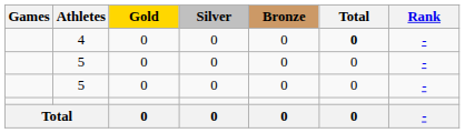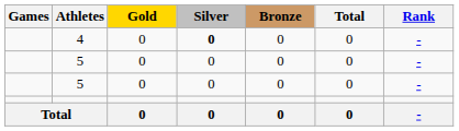 <table class="wikitable sortable" style="text-align:center; font-size:90%;">
 <tr>
 <th>Games</th>
 <th>Athletes</th>
 <th style="background:gold; width:4.5em; font-weight:bold;">Gold</th>
 <th style="background:silver; width:4.5em; font-weight:bold;">Silver</th>
 <th style="background:#cc9966; width:4.5em; font-weight:bold;">Bronze</th>
 <th style="width:4.5em; font-weight:bold;">Total</th>
 <th style="width:4.5em; font-weight:bold;"><a href='#'>Rank</a></th>
 </tr>
 <tr>
 <td align=left></td>
 <td>4</td>
 <td>0</td>
+<td><strong>0</strong></td>
 <td>0</td>
 <td>0</td>
-<td><strong>0</strong></td>
 <td><a href='#'>-</a></td>
 </tr>
 <tr>
 <td align=left></td>
 <td>5</td>
 <td>0</td>
 <td>0</td>
 <td>0</td>
 <td>0</td>
 <td><a href='#'>-</a></td>
 </tr>
 <tr>
 <td align=left></td>
 <td>5</td>
 <td>0</td>
 <td>0</td>
 <td>0</td>
 <td>0</td>
 <td><a href='#'>-</a></td>
 </tr>
 <tr>
 <td align=left><em></em></td>
 <td></td>
 <td></td>
 <td></td>
 <td></td>
 <td></td>
 <td></td>
 </tr>
 <tr>
 <th colspan=2>Total</th>
 <th>0</th>
 <th>0</th>
 <th>0</th>
 <th>0</th>
 <th><a href='#'>-</a></th>
 </tr>
 </table>
